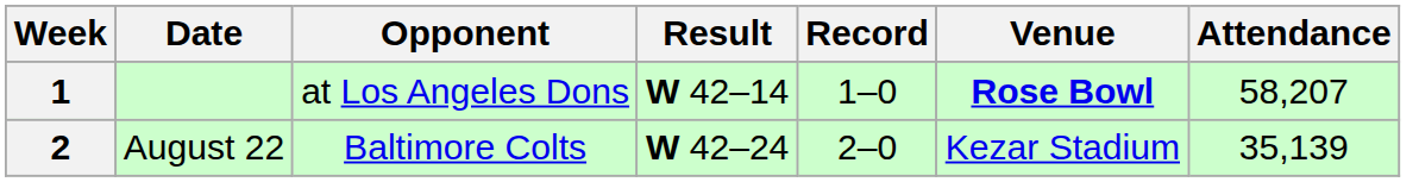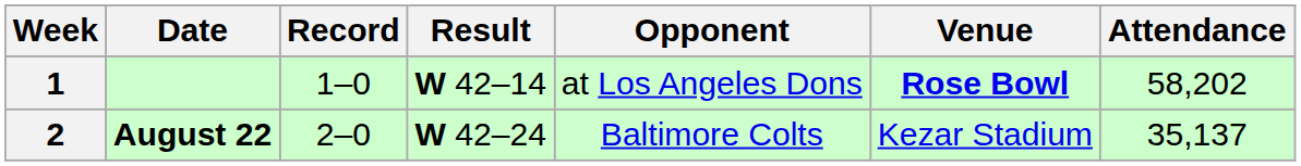 <table class="wikitable" style="text-align:center">
 <tr>
 <th>Week</th>
 <th>Date</th>
+<th>Record</th>
+<th>Result</th>
 <th>Opponent</th>
-<th>Result</th>
-<th>Record</th>
 <th>Venue</th>
 <th>Attendance</th>
 </tr>
 <tr style="background:#cfc">
 <th>1</th>
 <td></td>
+<td>1–0</td>
+<td><strong>W</strong> 42–14</td>
 <td>at <a href='#'>Los Angeles Dons</a></td>
-<td><strong>W</strong> 42–14</td>
-<td>1–0</td>
 <td><strong><a href='#'>Rose Bowl</a></strong></td>
-<td>58,207</td>
+<td>58,202</td>
 </tr>
 <tr style="background:#cfc">
 <th>2</th>
-<td>August 22</td>
+<td><strong>August 22</strong></td>
+<td>2–0</td>
+<td><strong>W</strong> 42–24</td>
 <td><a href='#'>Baltimore Colts</a></td>
-<td><strong>W</strong> 42–24</td>
-<td>2–0</td>
 <td><a href='#'>Kezar Stadium</a></td>
-<td>35,139</td>
+<td>35,137</td>
 </tr>
 </table>
